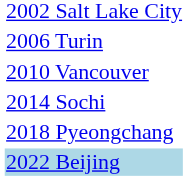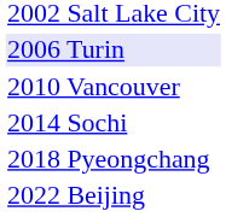 <table>
 <tr valign="top">
 <td><a href='#'>2002 Salt Lake City</a><br></td>
 <td></td>
 <td></td>
 <td></td>
 </tr>
 <tr>
-<td><a href='#'>2006 Turin</a><br></td>
+<td style="background: lavender;"><a href='#'>2006 Turin</a><br></td>
 <td></td>
 <td></td>
 <td></td>
 </tr>
 <tr>
 <td><a href='#'>2010 Vancouver</a><br></td>
 <td></td>
 <td></td>
 <td></td>
 </tr>
 <tr>
 <td><a href='#'>2014 Sochi</a><br></td>
 <td></td>
 <td></td>
 <td></td>
 </tr>
 <tr valign="top">
 <td><a href='#'>2018 Pyeongchang</a><br></td>
 <td></td>
 <td></td>
 <td></td>
 </tr>
 <tr>
-<td style="background: lightblue;"><a href='#'>2022 Beijing</a> <br></td>
+<td><a href='#'>2022 Beijing</a> <br></td>
 <td></td>
 <td></td>
 <td></td>
 </tr>
 <tr>
 </tr>
 </table>
